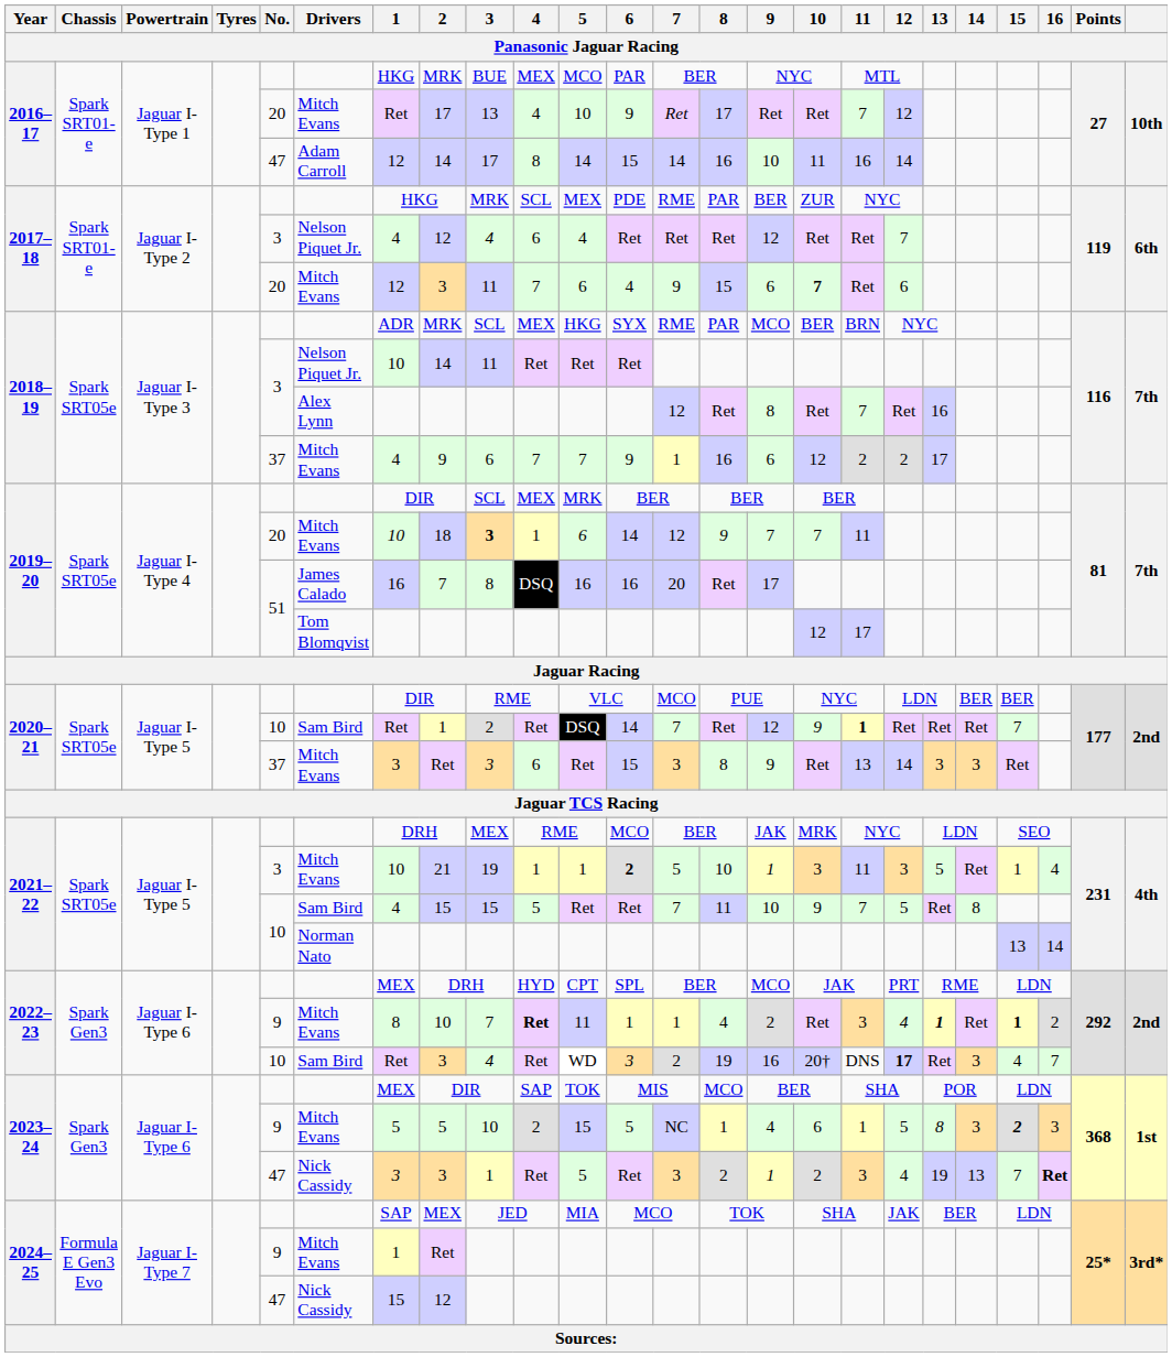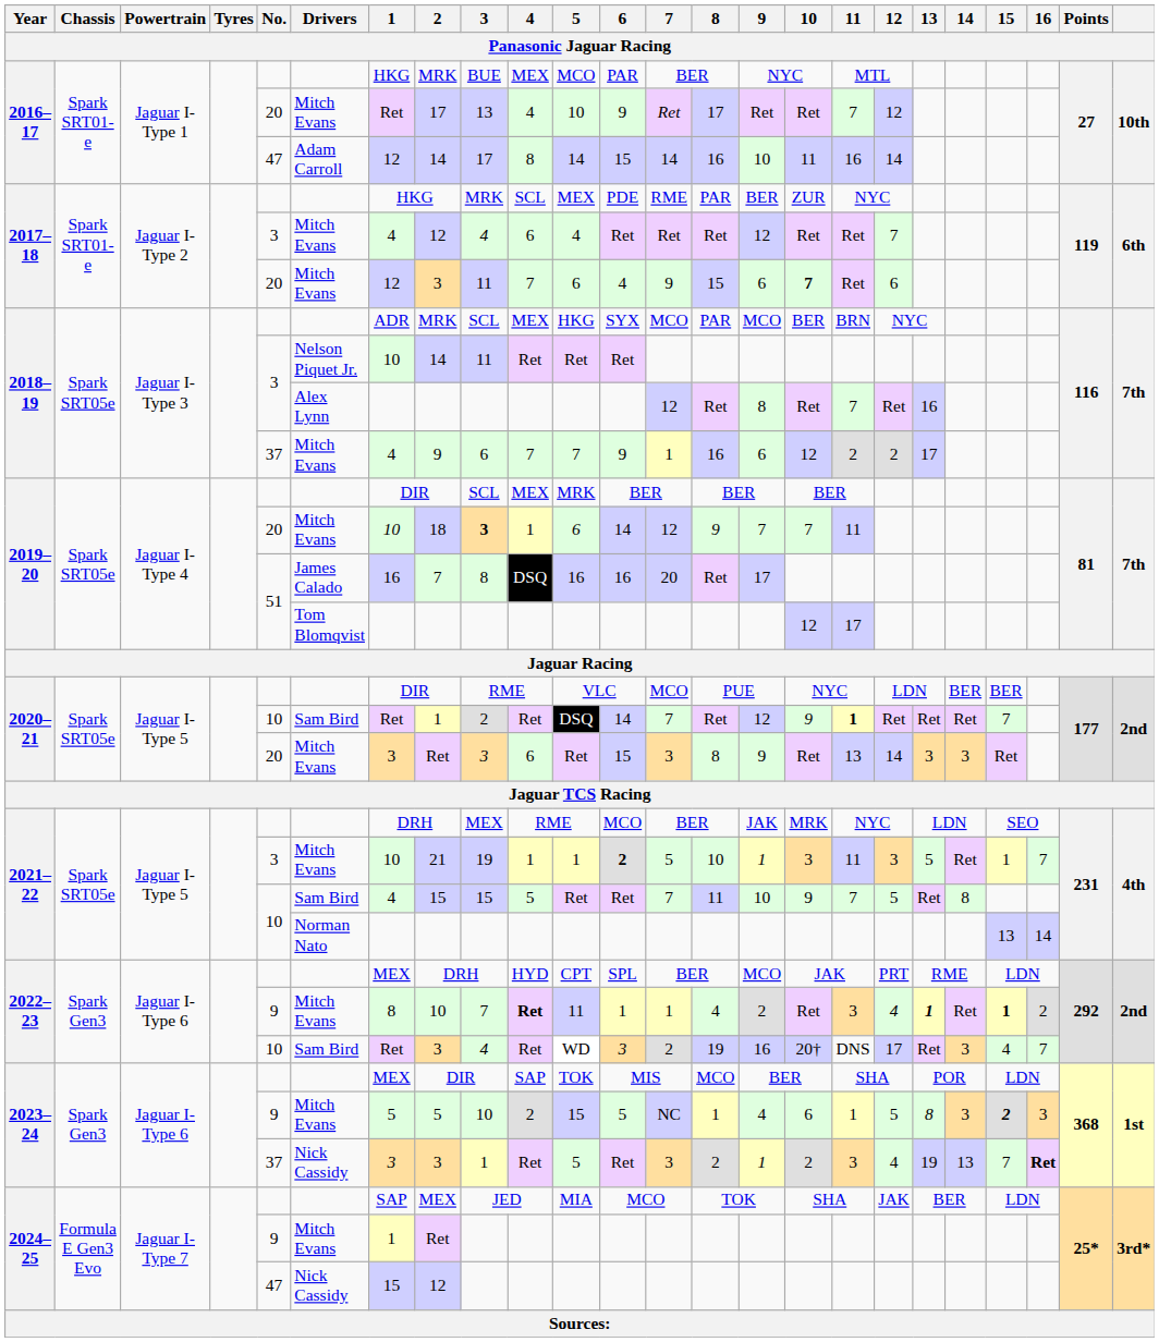 <table class="wikitable" style="text-align:center; font-size:85%">
 <tr>
 <th>Year</th>
 <th>Chassis</th>
 <th>Powertrain</th>
 <th>Tyres</th>
 <th>No.</th>
 <th>Drivers</th>
 <th style="width:26px;">1</th>
 <th style="width:26px;">2</th>
 <th style="width:26px;">3</th>
 <th style="width:26px;">4</th>
 <th style="width:26px;">5</th>
 <th style="width:26px;">6</th>
 <th style="width:26px;">7</th>
 <th style="width:26px;">8</th>
 <th style="width:26px;">9</th>
 <th style="width:26px;">10</th>
 <th style="width:26px;">11</th>
 <th style="width:26px;">12</th>
 <th style="width:26px;">13</th>
 <th style="width:26px;">14</th>
 <th style="width:26px;">15</th>
 <th style="width:26px;">16</th>
 <th>Points</th>
 <th></th>
 </tr>
 <tr>
 <th colspan="24"><a href='#'>Panasonic</a> Jaguar Racing</th>
 </tr>
 <tr>
 <th rowspan=3><a href='#'>2016–17</a></th>
 <td rowspan=3><a href='#'>Spark</a> <a href='#'>SRT01-e</a></td>
 <td rowspan=3><a href='#'>Jaguar</a> I-Type 1</td>
 <td rowspan=3></td>
 <td></td>
 <td></td>
 <td><a href='#'>HKG</a></td>
 <td><a href='#'>MRK</a></td>
 <td><a href='#'>BUE</a></td>
 <td><a href='#'>MEX</a></td>
 <td><a href='#'>MCO</a></td>
 <td><a href='#'>PAR</a></td>
 <td colspan=2><a href='#'>BER</a></td>
 <td colspan=2><a href='#'>NYC</a></td>
 <td colspan=2><a href='#'>MTL</a></td>
 <td></td>
 <td></td>
 <td></td>
 <td></td>
 <th rowspan=3>27</th>
 <th rowspan=3>10th</th>
 </tr>
 <tr>
 <td>20</td>
 <td style="text-align:left"> <a href='#'>Mitch Evans</a></td>
 <td style="background:#efcfff">Ret</td>
 <td style="background:#cfcfff">17</td>
 <td style="background:#cfcfff">13</td>
 <td style="background:#DFFFDF">4</td>
 <td style="background:#DFFFDF">10</td>
 <td style="background:#DFFFDF">9</td>
 <td style="background:#efcfff"><em>Ret</em></td>
 <td style="background:#cfcfff">17</td>
 <td style="background:#efcfff">Ret</td>
 <td style="background:#efcfff">Ret</td>
 <td style="background:#DFFFDF">7</td>
 <td style="background:#cfcfff">12</td>
 <td></td>
 <td></td>
 <td></td>
 <td></td>
 </tr>
 <tr>
 <td>47</td>
 <td style="text-align:left"> <a href='#'>Adam Carroll</a></td>
 <td style="background:#cfcfff">12</td>
 <td style="background:#cfcfff">14</td>
 <td style="background:#cfcfff">17</td>
 <td style="background:#DFFFDF">8</td>
 <td style="background:#cfcfff">14</td>
 <td style="background:#cfcfff">15</td>
 <td style="background:#cfcfff">14</td>
 <td style="background:#cfcfff">16</td>
 <td style="background:#DFFFDF">10</td>
 <td style="background:#cfcfff">11</td>
 <td style="background:#cfcfff">16</td>
 <td style="background:#cfcfff">14</td>
 <td></td>
 <td></td>
 <td></td>
 <td></td>
 </tr>
 <tr>
 <th rowspan=3><a href='#'>2017–18</a></th>
 <td rowspan=3><a href='#'>Spark</a> <a href='#'>SRT01-e</a></td>
 <td rowspan=3><a href='#'>Jaguar</a> I-Type 2</td>
 <td rowspan=3></td>
 <td></td>
 <td></td>
 <td colspan=2><a href='#'>HKG</a></td>
 <td><a href='#'>MRK</a></td>
 <td><a href='#'>SCL</a></td>
 <td><a href='#'>MEX</a></td>
 <td><a href='#'>PDE</a></td>
 <td><a href='#'>RME</a></td>
 <td><a href='#'>PAR</a></td>
 <td><a href='#'>BER</a></td>
 <td><a href='#'>ZUR</a></td>
 <td colspan=2><a href='#'>NYC</a></td>
 <td></td>
 <td></td>
 <td></td>
 <td></td>
 <th rowspan=3>119</th>
 <th rowspan=3>6th</th>
 </tr>
 <tr>
 <td>3</td>
-<td style="text-align:left"> <a href='#'>Nelson Piquet Jr.</a></td>
+<td align="left"> <a href='#'>Mitch Evans</a></td>
 <td style="background:#DFFFDF">4</td>
 <td style="background:#cfcfff">12</td>
 <td style="background:#DFFFDF"><em>4</em></td>
 <td style="background:#DFFFDF">6</td>
 <td style="background:#DFFFDF">4</td>
 <td style="background:#efcfff">Ret</td>
 <td style="background:#efcfff">Ret</td>
 <td style="background:#efcfff">Ret</td>
 <td style="background:#cfcfff">12</td>
 <td style="background:#efcfff">Ret</td>
 <td style="background:#efcfff">Ret</td>
 <td style="background:#DFFFDF">7</td>
 <td></td>
 <td></td>
 <td></td>
 <td></td>
 </tr>
 <tr>
 <td>20</td>
 <td style="text-align:left"> <a href='#'>Mitch Evans</a></td>
 <td style="background:#cfcfff">12</td>
 <td style="background:#ffdf9f">3</td>
 <td style="background:#cfcfff">11</td>
 <td style="background:#DFFFDF">7</td>
 <td style="background:#DFFFDF">6</td>
 <td style="background:#DFFFDF">4</td>
 <td style="background:#DFFFDF">9</td>
 <td style="background:#cfcfff">15</td>
 <td style="background:#DFFFDF">6</td>
 <td style="background:#DFFFDF"><strong>7</strong></td>
 <td style="background:#efcfff">Ret</td>
 <td style="background:#DFFFDF">6</td>
 <td></td>
 <td></td>
 <td></td>
 <td></td>
 </tr>
 <tr>
 <th rowspan=4><a href='#'>2018–19</a></th>
 <td rowspan=4><a href='#'>Spark</a> <a href='#'>SRT05e</a></td>
 <td rowspan=4><a href='#'>Jaguar</a> I-Type 3</td>
 <td rowspan=4></td>
 <td></td>
 <td></td>
 <td><a href='#'>ADR</a></td>
 <td><a href='#'>MRK</a></td>
 <td><a href='#'>SCL</a></td>
 <td><a href='#'>MEX</a></td>
 <td><a href='#'>HKG</a></td>
 <td><a href='#'>SYX</a></td>
-<td><a href='#'>RME</a></td>
+<td><a href='#'>MCO</a></td>
 <td><a href='#'>PAR</a></td>
 <td><a href='#'>MCO</a></td>
 <td><a href='#'>BER</a></td>
 <td><a href='#'>BRN</a></td>
 <td colspan=2><a href='#'>NYC</a></td>
 <td></td>
 <td></td>
 <td></td>
 <th rowspan=4>116</th>
 <th rowspan=4>7th</th>
 </tr>
 <tr>
 <td rowspan=2>3</td>
 <td style="text-align:left"> <a href='#'>Nelson Piquet Jr.</a></td>
 <td style="background:#DFFFDF">10</td>
 <td style="background:#cfcfff">14</td>
 <td style="background:#cfcfff">11</td>
 <td style="background:#efcfff">Ret</td>
 <td style="background:#efcfff">Ret</td>
 <td style="background:#efcfff">Ret</td>
 <td></td>
 <td></td>
 <td></td>
 <td></td>
 <td></td>
 <td></td>
 <td></td>
 <td></td>
 <td></td>
 <td></td>
 </tr>
 <tr>
 <td style="text-align:left"> <a href='#'>Alex Lynn</a></td>
 <td></td>
 <td></td>
 <td></td>
 <td></td>
 <td></td>
 <td></td>
 <td style="background:#cfcfff">12</td>
 <td style="background:#efcfff">Ret</td>
 <td style="background:#DFFFDF">8</td>
 <td style="background:#efcfff">Ret</td>
 <td style="background:#DFFFDF">7</td>
 <td style="background:#efcfff">Ret</td>
 <td style="background:#cfcfff">16</td>
 <td></td>
 <td></td>
 <td></td>
 </tr>
 <tr>
 <td>37</td>
 <td style="text-align:left"> <a href='#'>Mitch Evans</a></td>
 <td style="background:#DFFFDF">4</td>
 <td style="background:#DFFFDF">9</td>
 <td style="background:#DFFFDF">6</td>
 <td style="background:#DFFFDF">7</td>
 <td style="background:#DFFFDF">7</td>
 <td style="background:#DFFFDF">9</td>
 <td style="background:#FFFFBF">1</td>
 <td style="background:#cfcfff">16</td>
 <td style="background:#DFFFDF">6</td>
 <td style="background:#cfcfff">12</td>
 <td style="background:#dfdfdf;">2</td>
 <td style="background:#dfdfdf;">2</td>
 <td style="background:#cfcfff">17</td>
 <td></td>
 <td></td>
 <td></td>
 </tr>
 <tr>
 <th rowspan=4><a href='#'>2019–20</a></th>
 <td rowspan=4><a href='#'>Spark</a> <a href='#'>SRT05e</a></td>
 <td rowspan=4><a href='#'>Jaguar</a> I-Type 4</td>
 <td rowspan=4></td>
 <td></td>
 <td></td>
 <td colspan=2><a href='#'>DIR</a></td>
 <td><a href='#'>SCL</a></td>
 <td><a href='#'>MEX</a></td>
 <td><a href='#'>MRK</a></td>
 <td colspan=2><a href='#'>BER</a></td>
 <td colspan=2><a href='#'>BER</a></td>
 <td colspan=2><a href='#'>BER</a></td>
 <td></td>
 <td></td>
 <td></td>
 <td></td>
 <td></td>
 <th rowspan=4>81</th>
 <th rowspan=4>7th</th>
 </tr>
 <tr>
 <td>20</td>
 <td align="left"> <a href='#'>Mitch Evans</a></td>
 <td style="background:#DFFFDF"><em>10</em></td>
 <td style="background:#cfcfff">18</td>
 <td style="background:#ffdf9f"><strong>3</strong></td>
 <td style="background:#FFFFBF">1</td>
 <td style="background:#DFFFDF"><em>6</em></td>
 <td style="background:#cfcfff">14</td>
 <td style="background:#cfcfff">12</td>
 <td style="background:#DFFFDF"><em>9</em></td>
 <td style="background:#DFFFDF">7</td>
 <td style="background:#DFFFDF">7</td>
 <td style="background:#CFCFFF">11</td>
 <td></td>
 <td></td>
 <td></td>
 <td></td>
 <td></td>
 </tr>
 <tr>
 <td rowspan=2>51</td>
 <td align="left"> <a href='#'>James Calado</a></td>
 <td style="background:#cfcfff">16</td>
 <td style="background:#DFFFDF">7</td>
 <td style="background:#DFFFDF">8</td>
 <td style="background:#000000; color:white;">DSQ</td>
 <td style="background:#cfcfff">16</td>
 <td style="background:#cfcfff">16</td>
 <td style="background:#cfcfff">20</td>
 <td style="background:#efcfff">Ret</td>
 <td style="background:#cfcfff">17</td>
 <td></td>
 <td></td>
 <td></td>
 <td></td>
 <td></td>
 <td></td>
 </tr>
 <tr>
 <td align="left"> <a href='#'>Tom Blomqvist</a></td>
 <td></td>
 <td></td>
 <td></td>
 <td></td>
 <td></td>
 <td></td>
 <td></td>
 <td></td>
 <td></td>
 <td style="background:#CFCFFF">12</td>
 <td style="background:#CFCFFF">17</td>
 <td></td>
 <td></td>
 <td></td>
 <td></td>
 <td></td>
 </tr>
 <tr>
 <th colspan="24">Jaguar Racing</th>
 </tr>
 <tr>
 <th rowspan=3><a href='#'>2020–21</a></th>
 <td rowspan=3><a href='#'>Spark</a> <a href='#'>SRT05e</a></td>
 <td rowspan=3><a href='#'>Jaguar</a> I-Type 5</td>
 <td rowspan=3></td>
 <td></td>
 <td></td>
 <td colspan=2><a href='#'>DIR</a></td>
 <td colspan=2><a href='#'>RME</a></td>
 <td colspan=2><a href='#'>VLC</a></td>
 <td><a href='#'>MCO</a></td>
 <td colspan=2><a href='#'>PUE</a></td>
 <td colspan=2><a href='#'>NYC</a></td>
 <td colspan=2><a href='#'>LDN</a></td>
 <td><a href='#'>BER</a></td>
 <td><a href='#'>BER</a></td>
 <td></td>
 <th rowspan=3 style="background:#dfdfdf">177</th>
 <th rowspan=3 style="background:#dfdfdf">2nd</th>
 </tr>
 <tr>
 <td>10</td>
 <td align="left"> <a href='#'>Sam Bird</a></td>
 <td style="background:#efcfff">Ret</td>
 <td style="background:#FFFFBF">1</td>
 <td style="background:#dfdfdf">2</td>
 <td style="background:#efcfff">Ret</td>
 <td style="background:#000000; color:white;">DSQ</td>
 <td style="background:#CFCFFF">14</td>
 <td style="background:#DFFFDF">7</td>
 <td style="background:#efcfff">Ret</td>
 <td style="background:#CFCFFF">12</td>
 <td style="background:#DFFFDF"><em>9</em></td>
 <td style="background:#FFFFBF"><strong>1</strong></td>
 <td style="background:#efcfff">Ret</td>
 <td style="background:#efcfff">Ret</td>
 <td style="background:#efcfff">Ret</td>
 <td style="background:#DFFFDF">7</td>
 <td></td>
 </tr>
 <tr>
-<td>37</td>
+<td>20</td>
 <td align="left"> <a href='#'>Mitch Evans</a></td>
 <td style="background:#ffdf9f">3</td>
 <td style="background:#efcfff">Ret</td>
 <td style="background:#ffdf9f"><em>3</em></td>
 <td style="background:#DFFFDF">6</td>
 <td style="background:#efcfff">Ret</td>
 <td style="background:#CFCFFF">15</td>
 <td style="background:#ffdf9f">3</td>
 <td style="background:#DFFFDF">8</td>
 <td style="background:#DFFFDF">9</td>
 <td style="background:#efcfff">Ret</td>
 <td style="background:#CFCFFF">13</td>
 <td style="background:#CFCFFF">14</td>
 <td style="background:#ffdf9f">3</td>
 <td style="background:#ffdf9f">3</td>
 <td style="background:#efcfff">Ret</td>
 <td></td>
 </tr>
 <tr>
 <th colspan="24">Jaguar <a href='#'>TCS</a> Racing</th>
 </tr>
 <tr>
 <th rowspan=4><a href='#'>2021–22</a></th>
 <td rowspan=4><a href='#'>Spark</a> <a href='#'>SRT05e</a></td>
 <td rowspan=4><a href='#'>Jaguar</a> I-Type 5</td>
 <td rowspan=4></td>
 <td></td>
 <td></td>
 <td colspan=2><a href='#'>DRH</a></td>
 <td><a href='#'>MEX</a></td>
 <td colspan=2><a href='#'>RME</a></td>
 <td><a href='#'>MCO</a></td>
 <td colspan=2><a href='#'>BER</a></td>
 <td><a href='#'>JAK</a></td>
 <td><a href='#'>MRK</a></td>
 <td colspan=2><a href='#'>NYC</a></td>
 <td colspan=2><a href='#'>LDN</a></td>
 <td colspan=2><a href='#'>SEO</a></td>
 <th rowspan=4>231</th>
 <th rowspan=4>4th</th>
 </tr>
 <tr>
 <td>3</td>
 <td align="left"> <a href='#'>Mitch Evans</a></td>
 <td style="background:#DFFFDF">10</td>
 <td style="background:#CFCFFF">21</td>
 <td style="background:#CFCFFF">19</td>
 <td style="background:#FFFFBF">1</td>
 <td style="background:#FFFFBF">1</td>
 <td style="background:#dfdfdf"><strong>2</strong></td>
 <td style="background:#DFFFDF">5</td>
 <td style="background:#DFFFDF">10</td>
 <td style="background:#FFFFBF"><em>1</em></td>
 <td style="background:#ffdf9f">3</td>
 <td style="background:#CFCFFF">11</td>
 <td style="background:#ffdf9f">3</td>
 <td style="background:#DFFFDF">5</td>
 <td style="background:#efcfff">Ret</td>
 <td style="background:#FFFFBF">1</td>
-<td style="background:#DFFFDF">4</td>
+<td style="background:#DFFFDF">7</td>
 </tr>
 <tr>
 <td rowspan=2>10</td>
 <td align="left"> <a href='#'>Sam Bird</a></td>
 <td style="background:#DFFFDF">4</td>
 <td style="background:#CFCFFF">15</td>
 <td style="background:#CFCFFF">15</td>
 <td style="background:#DFFFDF">5</td>
 <td style="background:#efcfff">Ret</td>
 <td style="background:#efcfff">Ret</td>
 <td style="background:#DFFFDF">7</td>
 <td style="background:#CFCFFF">11</td>
 <td style="background:#DFFFDF">10</td>
 <td style="background:#DFFFDF">9</td>
 <td style="background:#DFFFDF">7</td>
 <td style="background:#DFFFDF">5</td>
 <td style="background:#efcfff">Ret</td>
 <td style="background:#DFFFDF">8</td>
 <td></td>
 <td></td>
 </tr>
 <tr>
 <td align="left"> <a href='#'>Norman Nato</a></td>
 <td></td>
 <td></td>
 <td></td>
 <td></td>
 <td></td>
 <td></td>
 <td></td>
 <td></td>
 <td></td>
 <td></td>
 <td></td>
 <td></td>
 <td></td>
 <td></td>
 <td style="background:#CFCFFF">13</td>
 <td style="background:#CFCFFF">14</td>
 </tr>
 <tr>
 <th rowspan=3><a href='#'>2022–23</a></th>
 <td rowspan=3><a href='#'>Spark</a> <a href='#'>Gen3</a></td>
 <td rowspan=3><a href='#'>Jaguar</a> I-Type 6</td>
 <td rowspan=3></td>
 <td></td>
 <td></td>
 <td><a href='#'>MEX</a></td>
 <td colspan=2><a href='#'>DRH</a></td>
 <td><a href='#'>HYD</a></td>
 <td><a href='#'>CPT</a></td>
 <td><a href='#'>SPL</a></td>
 <td colspan=2><a href='#'>BER</a></td>
 <td><a href='#'>MCO</a></td>
 <td colspan=2><a href='#'>JAK</a></td>
 <td><a href='#'>PRT</a></td>
 <td colspan=2><a href='#'>RME</a></td>
 <td colspan=2><a href='#'>LDN</a></td>
 <th rowspan=3 style="background:#dfdfdf;">292</th>
 <th rowspan=3 style="background:#dfdfdf">2nd</th>
 </tr>
 <tr>
 <td>9</td>
 <td align="left"> <a href='#'>Mitch Evans</a></td>
 <td style="background:#DFFFDF">8</td>
 <td style="background:#DFFFDF">10</td>
 <td style="background:#DFFFDF">7</td>
 <td style="background:#efcfff"><strong>Ret</strong></td>
 <td style="background:#cfcfff">11</td>
 <td style="background:#FFFFBF">1</td>
 <td style="background:#ffffbf;">1</td>
 <td style="background:#dfffdf;">4</td>
 <td style="background:#dfdfdf;">2</td>
 <td style="background:#efcfff;">Ret</td>
 <td style="background:#ffdf9f;">3</td>
 <td style="background:#dfffdf;"><em>4</em></td>
 <td style="background:#ffffbf;"><strong><em>1</em></strong></td>
 <td style="background:#efcfff;">Ret</td>
 <td style="background:#ffffbf;"><strong>1</strong></td>
 <td style="background:#dfdfdf;">2</td>
 </tr>
 <tr>
 <td>10</td>
 <td align="left"> <a href='#'>Sam Bird</a></td>
 <td style="background:#efcfff">Ret</td>
 <td style="background:#ffdf9f">3</td>
 <td style="background:#DFFFDF"><em>4</em></td>
 <td style="background:#efcfff">Ret</td>
 <td style="background:#FFFFFF">WD</td>
 <td style="background:#ffdf9f"><em>3</em></td>
 <td style="background:#dfdfdf;">2</td>
 <td style="background:#cfcfff;">19</td>
 <td style="background:#cfcfff;">16</td>
 <td style="background:#cfcfff;">20†</td>
 <td style="background:#;">DNS</td>
-<td style="background:#cfcfff;"><strong>17</strong></td>
+<td style="background:#cfcfff;">17</td>
 <td style="background:#efcfff;">Ret</td>
 <td style="background:#ffdf9f;">3</td>
 <td style="background:#dfffdf;">4</td>
 <td style="background:#dfffdf;">7</td>
 </tr>
 <tr>
 <th rowspan="3"><a href='#'>2023–24</a></th>
 <td rowspan="3"><a href='#'>Spark Gen3</a></td>
 <td rowspan="3"><a href='#'>Jaguar I-Type 6</a></td>
 <td rowspan="3"></td>
 <td></td>
 <td></td>
 <td><a href='#'>MEX</a></td>
 <td colspan="2"><a href='#'>DIR</a></td>
 <td><a href='#'>SAP</a></td>
 <td><a href='#'>TOK</a></td>
 <td colspan="2"><a href='#'>MIS</a></td>
 <td><a href='#'>MCO</a></td>
 <td colspan="2"><a href='#'>BER</a></td>
 <td colspan="2"><a href='#'>SHA</a></td>
 <td colspan="2"><a href='#'>POR</a></td>
 <td colspan="2"><a href='#'>LDN</a></td>
 <th rowspan="3"style="background:#ffffbf;">368</th>
 <th rowspan="3"style="background:#ffffbf;">1st</th>
 </tr>
 <tr>
 <td>9</td>
 <td align="left"> <a href='#'>Mitch Evans</a></td>
 <td style="background:#dfffdf;">5</td>
 <td style="background:#dfffdf;">5</td>
 <td style="background:#dfffdf;">10</td>
 <td style="background:#dfdfdf;">2</td>
 <td style="background:#cfcfff;">15</td>
 <td style="background:#dfffdf;">5</td>
 <td style="background:#cfcfff;">NC</td>
 <td style="background:#ffffbf;">1</td>
 <td style="background:#dfffdf;">4</td>
 <td style="background:#dfffdf;">6</td>
 <td style="background:#ffffbf;">1</td>
 <td style="background:#dfffdf;">5</td>
 <td style="background:#dfffdf;"><em>8</em></td>
 <td style="background:#ffdf9f;">3</td>
 <td style="background:#dfdfdf;"><strong><em>2</em></strong></td>
 <td style="background:#ffdf9f;">3</td>
 </tr>
 <tr>
-<td>47</td>
+<td>37</td>
 <td align="left"> <a href='#'>Nick Cassidy</a></td>
 <td style="background:#ffdf9f;"><em>3</em></td>
 <td style="background:#ffdf9f;">3</td>
 <td style="background:#ffffbf;">1</td>
 <td style="background:#efcfff;">Ret</td>
 <td style="background:#dfffdf;">5</td>
 <td style="background:#efcfff;">Ret</td>
 <td style="background:#ffdf9f;">3</td>
 <td style="background:#dfdfdf;">2</td>
 <td style="background:#ffffbf;"><em>1</em></td>
 <td style="background:#dfdfdf;">2</td>
 <td style="background:#ffdf9f;">3</td>
 <td style="background:#dfffdf;">4</td>
 <td style="background:#cfcfff;">19</td>
 <td style="background:#cfcfff;">13</td>
 <td style="background:#dfffdf;">7</td>
 <td style="background:#efcfff;"><strong>Ret</strong></td>
 </tr>
 <tr>
 <th rowspan="3"><a href='#'>2024–25</a></th>
 <td rowspan="3"><a href='#'>Formula E Gen3 Evo</a></td>
 <td rowspan="3"><a href='#'>Jaguar I-Type 7</a></td>
 <td rowspan="3"></td>
 <td></td>
 <td></td>
 <td><a href='#'>SAP</a></td>
 <td><a href='#'>MEX</a></td>
 <td colspan="2"><a href='#'>JED</a></td>
 <td><a href='#'>MIA</a></td>
 <td colspan="2"><a href='#'>MCO</a></td>
 <td colspan="2"><a href='#'>TOK</a></td>
 <td colspan="2"><a href='#'>SHA</a></td>
 <td><a href='#'>JAK</a></td>
 <td colspan="2"><a href='#'>BER</a></td>
 <td colspan="2"><a href='#'>LDN</a></td>
 <th rowspan="3" style="background:#ffdf9f;">25*</th>
 <th rowspan="3" style="background:#ffdf9f;">3rd*</th>
 </tr>
 <tr>
 <td>9</td>
 <td align="left"> <a href='#'>Mitch Evans</a></td>
 <td style="background:#ffffbf;">1</td>
 <td style="background:#efcfff;">Ret</td>
 <td></td>
 <td></td>
 <td></td>
 <td></td>
 <td></td>
 <td></td>
 <td></td>
 <td></td>
 <td></td>
 <td></td>
 <td></td>
 <td></td>
 <td></td>
 <td></td>
 </tr>
 <tr>
 <td>47</td>
 <td align="left"> <a href='#'>Nick Cassidy</a></td>
 <td style="background:#cfcfff;">15</td>
 <td style="background:#cfcfff;">12</td>
 <td></td>
 <td></td>
 <td></td>
 <td></td>
 <td></td>
 <td></td>
 <td></td>
 <td></td>
 <td></td>
 <td></td>
 <td></td>
 <td></td>
 <td></td>
 <td></td>
 </tr>
 <tr>
 <th colspan="24">Sources:</th>
 </tr>
 </table>
